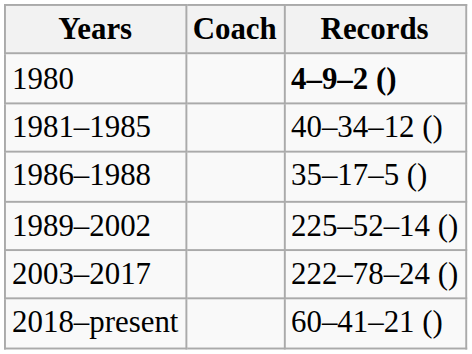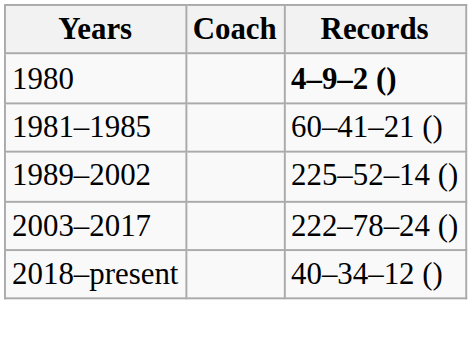 <table class="wikitable sortable">
 <tr>
 <th width=px>Years</th>
 <th width=px>Coach</th>
 <th width=px>Records</th>
 </tr>
 <tr>
 <td>1980</td>
 <td></td>
 <td><strong>4–9–2 ()</strong></td>
 </tr>
 <tr>
 <td>1981–1985</td>
 <td></td>
-<td>40–34–12 ()</td>
-</tr>
-<tr>
-<td>1986–1988</td>
-<td></td>
-<td>35–17–5 ()</td>
+<td>60–41–21 ()</td>
 </tr>
 <tr>
 <td>1989–2002</td>
 <td></td>
 <td>225–52–14 ()</td>
 </tr>
 <tr>
 <td>2003–2017</td>
 <td></td>
 <td>222–78–24 ()</td>
 </tr>
 <tr>
 <td>2018–present</td>
 <td></td>
-<td>60–41–21 ()</td>
+<td>40–34–12 ()</td>
 </tr>
 </table>
